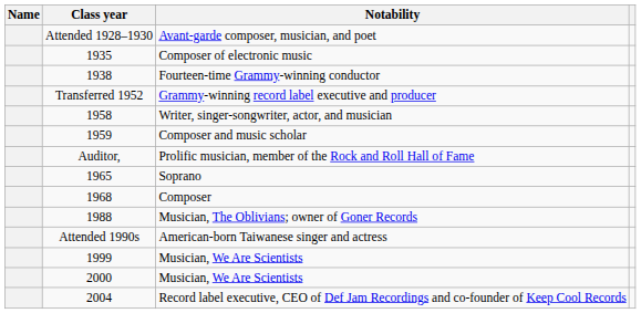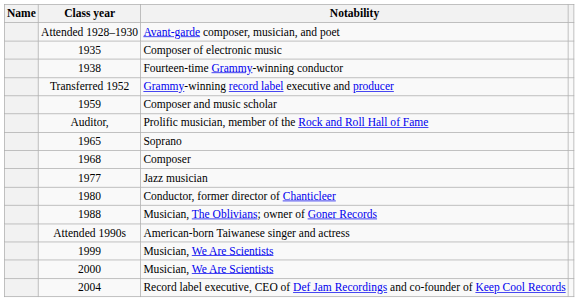 <table class="wikitable sortable plainrowheaders" style="text-align:center; border:2px solid #">
 <tr>
 <th scope="col">Name</th>
 <th scope="col">Class year</th>
 <th scope="col">Notability</th>
 <th scope="col"></th>
 </tr>
 <tr>
 <th scope="row"></th>
 <td>Attended 1928–1930</td>
 <td style="text-align:left;"><a href='#'>Avant-garde</a> composer, musician, and poet</td>
 <td></td>
 </tr>
 <tr>
 <th scope="row"></th>
 <td>1935</td>
 <td style="text-align:left;">Composer of electronic music</td>
 <td></td>
 </tr>
 <tr>
 <th scope="row"></th>
 <td>1938</td>
 <td style="text-align:left;">Fourteen-time <a href='#'>Grammy</a>-winning conductor</td>
 <td></td>
 </tr>
 <tr>
 <th scope="row"></th>
 <td>Transferred 1952</td>
 <td style="text-align:left;"><a href='#'>Grammy</a>-winning <a href='#'>record label</a> executive and <a href='#'>producer</a></td>
 <td></td>
 </tr>
 <tr>
 <th scope="row"></th>
-<td>1958</td>
-<td style="text-align:left;">Writer, singer-songwriter, actor, and musician</td>
-<td></td>
-</tr>
-<tr>
-<th scope="row"></th>
 <td>1959</td>
 <td style="text-align:left;">Composer and music scholar</td>
 <td></td>
 </tr>
 <tr>
 <th scope="row"></th>
 <td>Auditor, </td>
 <td style="text-align:left;">Prolific musician, member of the <a href='#'>Rock and Roll Hall of Fame</a></td>
 <td></td>
 </tr>
 <tr>
 <th scope="row"></th>
 <td>1965</td>
 <td style="text-align:left;">Soprano</td>
 <td></td>
 </tr>
 <tr>
 <th scope="row"></th>
 <td>1968</td>
 <td style="text-align:left;">Composer</td>
+<td></td>
+</tr>
+<tr>
+<th scope="row"></th>
+<td>1977</td>
+<td style="text-align:left;">Jazz musician</td>
+<td></td>
+</tr>
+<tr>
+<th scope="row"></th>
+<td>1980</td>
+<td style="text-align:left;">Conductor, former director of <a href='#'>Chanticleer</a></td>
 <td></td>
 </tr>
 <tr>
 <th scope="row"></th>
 <td>1988</td>
 <td style="text-align:left;">Musician, <a href='#'>The Oblivians</a>; owner of <a href='#'>Goner Records</a></td>
 <td></td>
 </tr>
 <tr>
 <th scope="row"></th>
 <td>Attended 1990s</td>
 <td style="text-align:left;">American-born Taiwanese singer and actress</td>
 <td></td>
 </tr>
 <tr>
 <th scope="row"></th>
 <td>1999</td>
 <td style="text-align:left;">Musician, <a href='#'>We Are Scientists</a></td>
 <td></td>
 </tr>
 <tr>
 <th scope="row"></th>
 <td>2000</td>
 <td style="text-align:left;">Musician, <a href='#'>We Are Scientists</a></td>
 <td></td>
 </tr>
 <tr>
 <th scope="row"></th>
 <td>2004</td>
 <td style="text-align:left;">Record label executive, CEO of <a href='#'>Def Jam Recordings</a> and co-founder of <a href='#'>Keep Cool Records</a></td>
 <td></td>
 </tr>
 </table>
